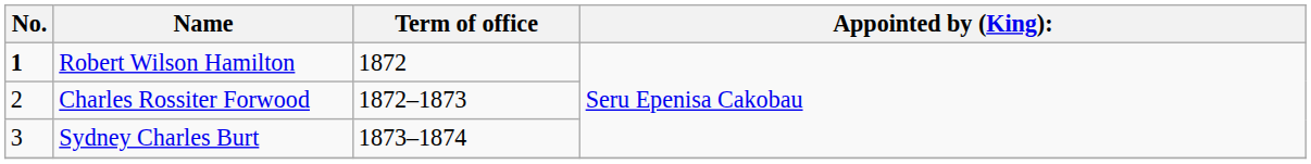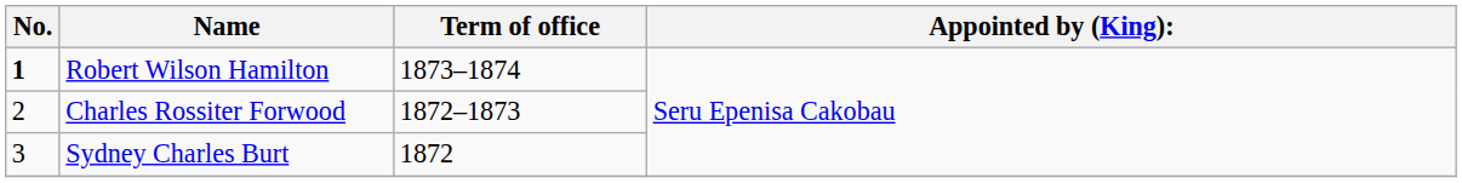 <table class="wikitable">
 <tr>
 <th width="25">No.</th>
 <th width="200">Name</th>
 <th width="150">Term of office</th>
 <th width="500">Appointed by (<a href='#'>King</a>):</th>
 </tr>
 <tr>
 <td><strong>1</strong></td>
 <td><a href='#'>Robert Wilson Hamilton</a></td>
-<td>1872</td>
+<td>1873–1874</td>
 <td rowspan=3><a href='#'>Seru Epenisa Cakobau</a></td>
 </tr>
 <tr>
 <td>2</td>
 <td><a href='#'>Charles Rossiter Forwood</a></td>
 <td>1872–1873</td>
 </tr>
 <tr>
 <td>3</td>
 <td><a href='#'>Sydney Charles Burt</a></td>
-<td>1873–1874</td>
+<td>1872</td>
 </tr>
 <tr>
 </tr>
 </table>
